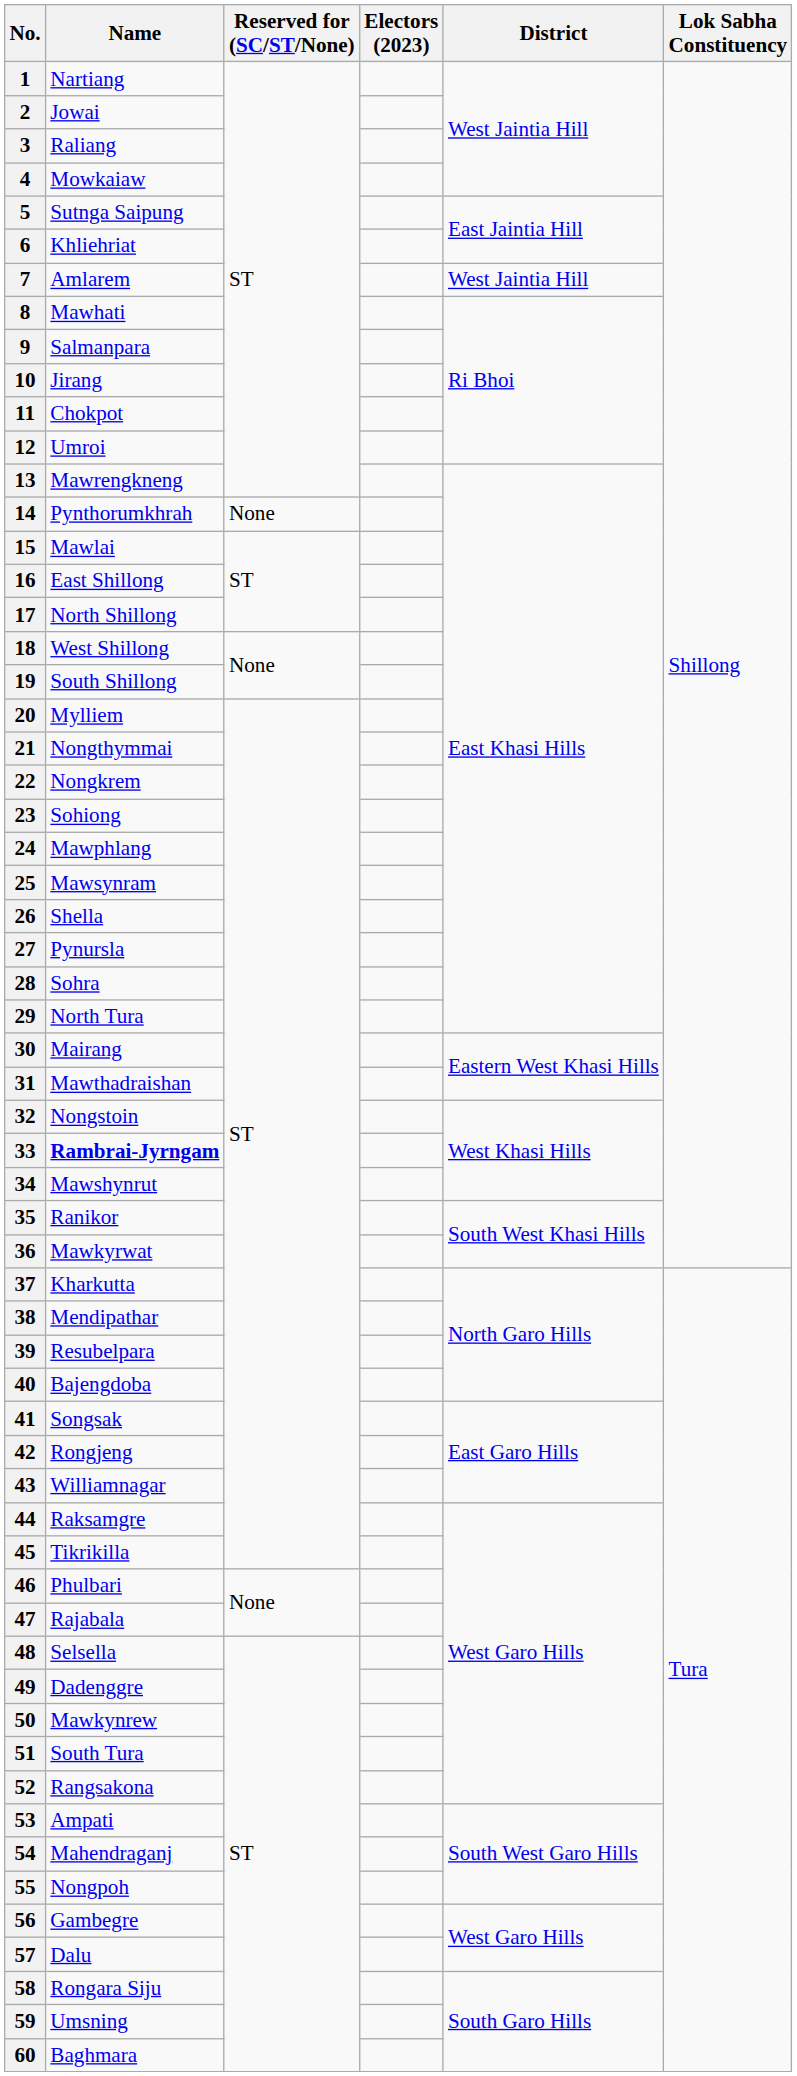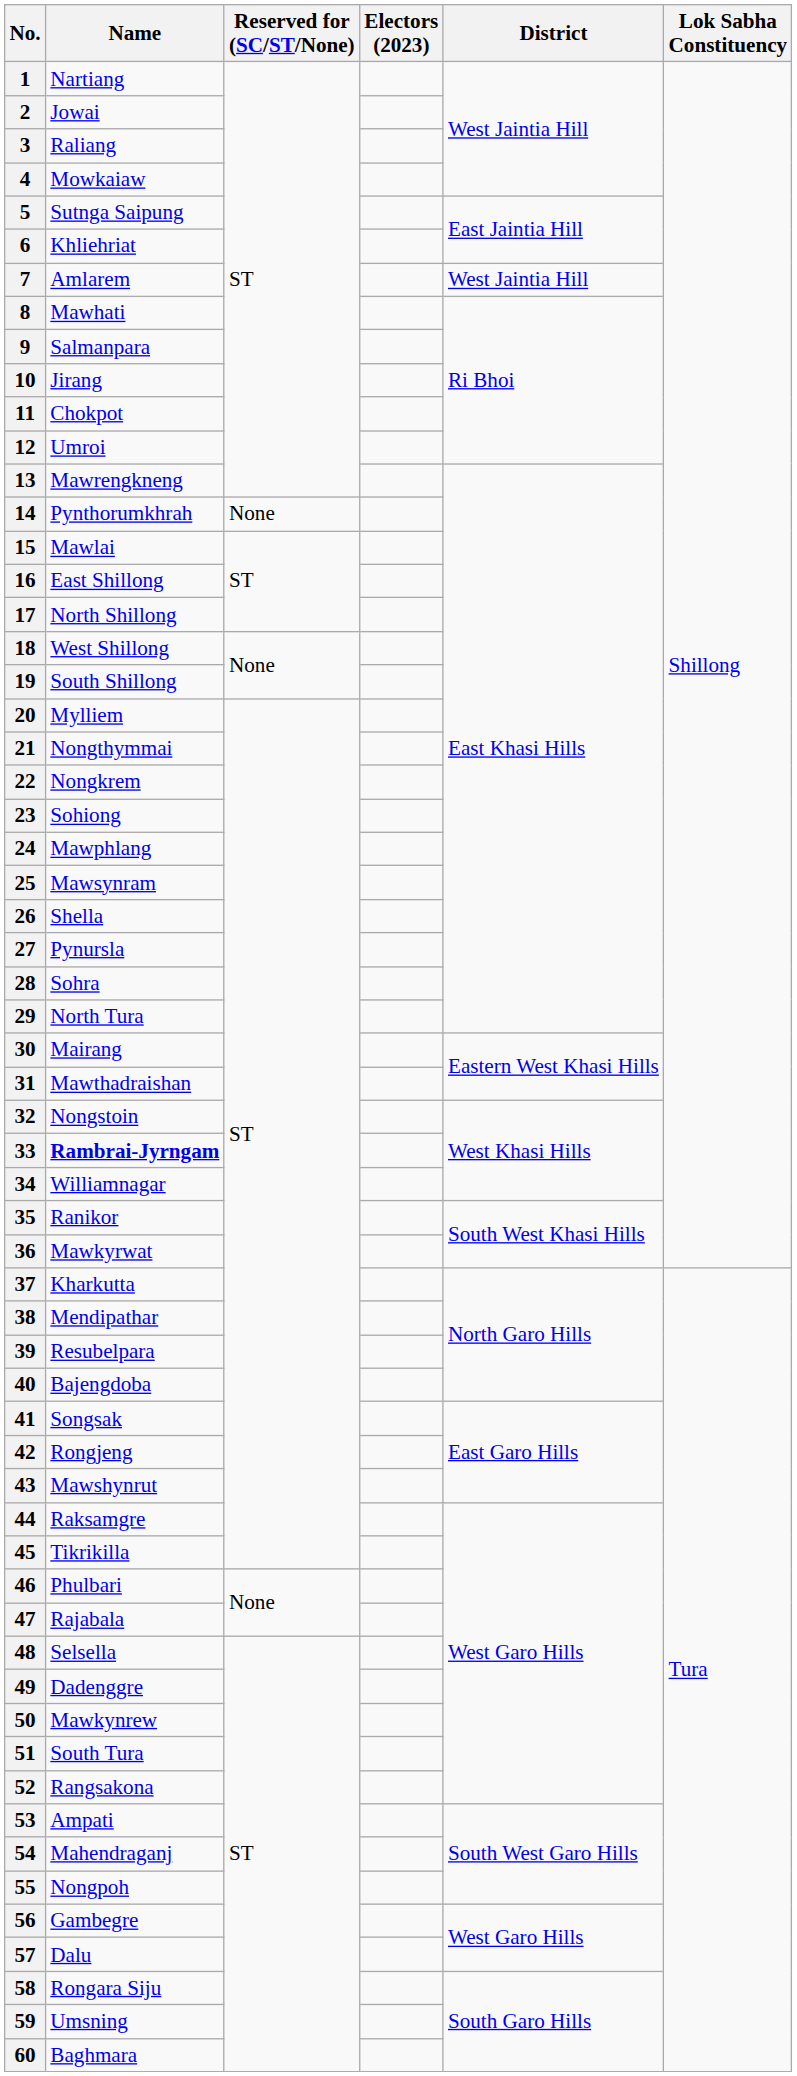 <table class="wikitable sortable">
 <tr>
 <th>No.</th>
 <th>Name</th>
 <th>Reserved for<br>(<a href='#'>SC</a>/<a href='#'>ST</a>/None)</th>
 <th>Electors<br>(2023)</th>
 <th>District</th>
 <th>Lok Sabha<br>Constituency</th>
 </tr>
 <tr>
 <th>1</th>
 <td><a href='#'>Nartiang</a></td>
 <td rowspan="13">ST</td>
 <td></td>
 <td rowspan="4"><a href='#'>West Jaintia Hill</a></td>
 <td rowspan=36><a href='#'>Shillong</a></td>
 </tr>
 <tr>
 <th>2</th>
 <td><a href='#'>Jowai</a></td>
 <td></td>
 </tr>
 <tr>
 <th>3</th>
 <td><a href='#'>Raliang</a></td>
 <td></td>
 </tr>
 <tr>
 <th>4</th>
 <td><a href='#'>Mowkaiaw</a></td>
 <td></td>
 </tr>
 <tr>
 <th>5</th>
 <td><a href='#'>Sutnga Saipung</a></td>
 <td></td>
 <td rowspan="2"><a href='#'>East Jaintia Hill</a></td>
 </tr>
 <tr>
 <th>6</th>
 <td><a href='#'>Khliehriat</a></td>
 <td></td>
 </tr>
 <tr>
 <th>7</th>
 <td><a href='#'>Amlarem</a></td>
 <td></td>
 <td><a href='#'>West Jaintia Hill</a></td>
 </tr>
 <tr>
 <th>8</th>
 <td><a href='#'>Mawhati</a></td>
 <td></td>
 <td rowspan="5"><a href='#'>Ri Bhoi</a></td>
 </tr>
 <tr>
 <th>9</th>
 <td><a href='#'>Salmanpara</a></td>
 <td></td>
 </tr>
 <tr>
 <th>10</th>
 <td><a href='#'>Jirang</a></td>
 <td></td>
 </tr>
 <tr>
 <th>11</th>
 <td><a href='#'>Chokpot</a></td>
 <td></td>
 </tr>
 <tr>
 <th>12</th>
 <td><a href='#'>Umroi</a></td>
 <td></td>
 </tr>
 <tr>
 <th>13</th>
 <td><a href='#'>Mawrengkneng</a></td>
 <td></td>
 <td rowspan="17"><a href='#'>East Khasi Hills</a></td>
 </tr>
 <tr>
 <th>14</th>
 <td><a href='#'>Pynthorumkhrah</a></td>
 <td>None</td>
 <td></td>
 </tr>
 <tr>
 <th>15</th>
 <td><a href='#'>Mawlai</a></td>
 <td rowspan="3">ST</td>
 <td></td>
 </tr>
 <tr>
 <th>16</th>
 <td><a href='#'>East Shillong</a></td>
 <td></td>
 </tr>
 <tr>
 <th>17</th>
 <td><a href='#'>North Shillong</a></td>
 <td></td>
 </tr>
 <tr>
 <th>18</th>
 <td><a href='#'>West Shillong</a></td>
 <td rowspan="2">None</td>
 <td></td>
 </tr>
 <tr>
 <th>19</th>
 <td><a href='#'>South Shillong</a></td>
 <td></td>
 </tr>
 <tr>
 <th>20</th>
 <td><a href='#'>Mylliem</a></td>
 <td rowspan="26">ST</td>
 <td></td>
 </tr>
 <tr>
 <th>21</th>
 <td><a href='#'>Nongthymmai</a></td>
 <td></td>
 </tr>
 <tr>
 <th>22</th>
 <td><a href='#'>Nongkrem</a></td>
 <td></td>
 </tr>
 <tr>
 <th>23</th>
 <td><a href='#'>Sohiong</a></td>
 <td></td>
 </tr>
 <tr>
 <th>24</th>
 <td><a href='#'>Mawphlang</a></td>
 <td></td>
 </tr>
 <tr>
 <th>25</th>
 <td><a href='#'>Mawsynram</a></td>
 <td></td>
 </tr>
 <tr>
 <th>26</th>
 <td><a href='#'>Shella</a></td>
 <td></td>
 </tr>
 <tr>
 <th>27</th>
 <td><a href='#'>Pynursla</a></td>
 <td></td>
 </tr>
 <tr>
 <th>28</th>
 <td><a href='#'>Sohra</a></td>
 <td></td>
 </tr>
 <tr>
 <th>29</th>
 <td><a href='#'>North Tura</a></td>
 <td></td>
 </tr>
 <tr>
 <th>30</th>
 <td><a href='#'>Mairang</a></td>
 <td></td>
 <td rowspan="2"><a href='#'>Eastern West Khasi Hills</a></td>
 </tr>
 <tr>
 <th>31</th>
 <td><a href='#'>Mawthadraishan</a></td>
 <td></td>
 </tr>
 <tr>
 <th>32</th>
 <td><a href='#'>Nongstoin</a></td>
 <td></td>
 <td rowspan="3"><a href='#'>West Khasi Hills</a></td>
 </tr>
 <tr>
 <th>33</th>
 <td><strong><a href='#'>Rambrai-Jyrngam</a></strong></td>
 <td></td>
 </tr>
 <tr>
 <th>34</th>
-<td><a href='#'>Mawshynrut</a></td>
+<td><a href='#'>Williamnagar</a></td>
 <td></td>
 </tr>
 <tr>
 <th>35</th>
 <td><a href='#'>Ranikor</a></td>
 <td></td>
 <td rowspan="2"><a href='#'>South West Khasi Hills</a></td>
 </tr>
 <tr>
 <th>36</th>
 <td><a href='#'>Mawkyrwat</a></td>
 <td></td>
 </tr>
 <tr>
 <th>37</th>
 <td><a href='#'>Kharkutta</a></td>
 <td></td>
 <td rowspan="4"><a href='#'>North Garo Hills</a></td>
 <td rowspan=24><a href='#'>Tura</a></td>
 </tr>
 <tr>
 <th>38</th>
 <td><a href='#'>Mendipathar</a></td>
 <td></td>
 </tr>
 <tr>
 <th>39</th>
 <td><a href='#'>Resubelpara</a></td>
 <td></td>
 </tr>
 <tr>
 <th>40</th>
 <td><a href='#'>Bajengdoba</a></td>
 <td></td>
 </tr>
 <tr>
 <th>41</th>
 <td><a href='#'>Songsak</a></td>
 <td></td>
 <td rowspan="3"><a href='#'>East Garo Hills</a></td>
 </tr>
 <tr>
 <th>42</th>
 <td><a href='#'>Rongjeng</a></td>
 <td></td>
 </tr>
 <tr>
 <th>43</th>
-<td><a href='#'>Williamnagar</a></td>
+<td><a href='#'>Mawshynrut</a></td>
 <td></td>
 </tr>
 <tr>
 <th>44</th>
 <td><a href='#'>Raksamgre</a></td>
 <td></td>
 <td rowspan="9"><a href='#'>West Garo Hills</a></td>
 </tr>
 <tr>
 <th>45</th>
 <td><a href='#'>Tikrikilla</a></td>
 <td></td>
 </tr>
 <tr>
 <th>46</th>
 <td><a href='#'>Phulbari</a></td>
 <td rowspan="2">None</td>
 <td></td>
 </tr>
 <tr>
 <th>47</th>
 <td><a href='#'>Rajabala</a></td>
 <td></td>
 </tr>
 <tr>
 <th>48</th>
 <td><a href='#'>Selsella</a></td>
 <td rowspan="13">ST</td>
 <td></td>
 </tr>
 <tr>
 <th>49</th>
 <td><a href='#'>Dadenggre</a></td>
 <td></td>
 </tr>
 <tr>
 <th>50</th>
 <td><a href='#'>Mawkynrew</a></td>
 <td></td>
 </tr>
 <tr>
 <th>51</th>
 <td><a href='#'>South Tura</a></td>
 <td></td>
 </tr>
 <tr>
 <th>52</th>
 <td><a href='#'>Rangsakona</a></td>
 <td></td>
 </tr>
 <tr>
 <th>53</th>
 <td><a href='#'>Ampati</a></td>
 <td></td>
 <td rowspan="3"><a href='#'>South West Garo Hills</a></td>
 </tr>
 <tr>
 <th>54</th>
 <td><a href='#'>Mahendraganj</a></td>
 <td></td>
 </tr>
 <tr>
 <th>55</th>
 <td><a href='#'>Nongpoh</a></td>
 <td></td>
 </tr>
 <tr>
 <th>56</th>
 <td><a href='#'>Gambegre</a></td>
 <td></td>
 <td rowspan="2"><a href='#'>West Garo Hills</a></td>
 </tr>
 <tr>
 <th>57</th>
 <td><a href='#'>Dalu</a></td>
 <td></td>
 </tr>
 <tr>
 <th>58</th>
 <td><a href='#'>Rongara Siju</a></td>
 <td></td>
 <td rowspan="3"><a href='#'>South Garo Hills</a></td>
 </tr>
 <tr>
 <th>59</th>
 <td><a href='#'>Umsning</a></td>
 <td></td>
 </tr>
 <tr>
 <th>60</th>
 <td><a href='#'>Baghmara</a></td>
 <td></td>
 </tr>
 <tr>
 </tr>
 </table>
